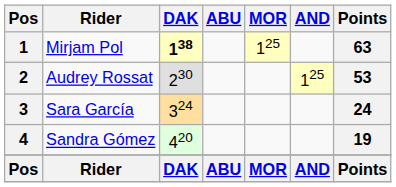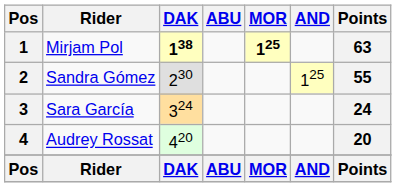 <table class="wikitable" style="font-size: 80%; text-align: center; display: inline-table;">
 <tr valign="top">
 <th valign="middle">Pos</th>
 <th valign="middle">Rider</th>
 <th><a href='#'>DAK</a><br></th>
 <th><a href='#'>ABU</a><br></th>
 <th><a href='#'>MOR</a><br></th>
 <th><a href='#'>AND</a><br></th>
 <th valign="middle">Points</th>
 </tr>
 <tr>
 <th>1</th>
 <td align=left> <a href='#'>Mirjam Pol</a></td>
 <td style="background:#ffffbf;"><strong>1<sup>38</sup></strong></td>
 <td></td>
-<td style="background:#ffffbf;">1<sup>25</sup></td>
+<td style="background:#ffffbf;"><strong>1<sup>25</sup></strong></td>
 <td></td>
 <th>63</th>
 </tr>
 <tr>
 <th>2</th>
-<td align=left> <a href='#'>Audrey Rossat</a></td>
+<td align=left> <a href='#'>Sandra Gómez</a></td>
 <td style="background:#dfdfdf;">2<sup>30</sup></td>
 <td></td>
 <td></td>
 <td style="background:#ffffbf;">1<sup>25</sup></td>
-<th>53</th>
+<th>55</th>
 </tr>
 <tr>
 <th>3</th>
 <td align=left> <a href='#'>Sara García</a></td>
 <td style="background:#ffdf9f;">3<sup>24</sup></td>
 <td></td>
 <td></td>
 <td></td>
 <th>24</th>
 </tr>
 <tr>
 <th>4</th>
-<td align=left> <a href='#'>Sandra Gómez</a></td>
+<td align=left> <a href='#'>Audrey Rossat</a></td>
 <td style="background:#dfffdf;">4<sup>20</sup></td>
 <td></td>
 <td></td>
 <td></td>
-<th>19</th>
+<th>20</th>
 </tr>
 <tr>
 </tr>
 <tr valign="top">
 <th valign="middle">Pos</th>
 <th valign="middle">Rider</th>
 <th><a href='#'>DAK</a><br></th>
 <th><a href='#'>ABU</a><br></th>
 <th><a href='#'>MOR</a><br></th>
 <th><a href='#'>AND</a><br></th>
 <th valign="middle">Points</th>
 </tr>
 <tr>
 </tr>
 </table>
